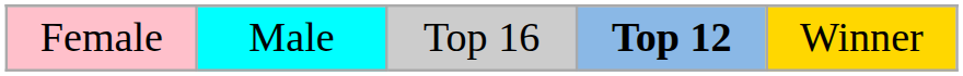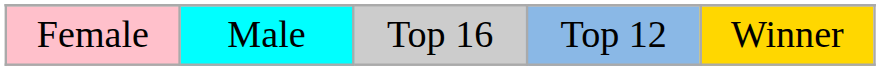 <table class="wikitable" style="margin:1em auto; text-align:center;">
 <tr>
 </tr>
 <tr>
 <td style="background:pink;" width="15%">Female</td>
 <td style="background:cyan;" width="15%">Male</td>
 <td style="background:#CCCCCC;" width="15%">Top 16</td>
-<td style="background:#8AB8E6" width="15%"><strong>Top 12</strong></td>
+<td style="background:#8AB8E6" width="15%">Top 12</td>
 <td style="background:gold;" width="15%">Winner</td>
 </tr>
 </table>
